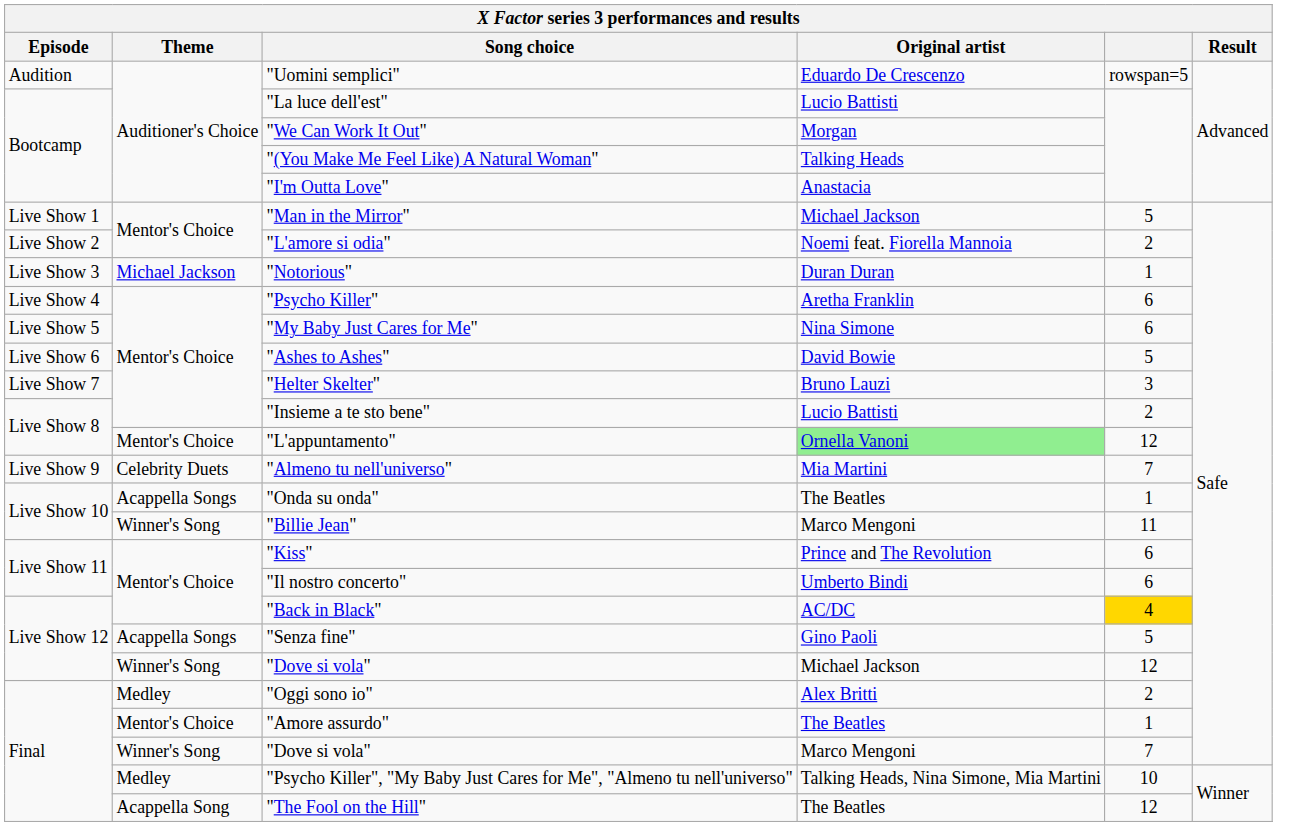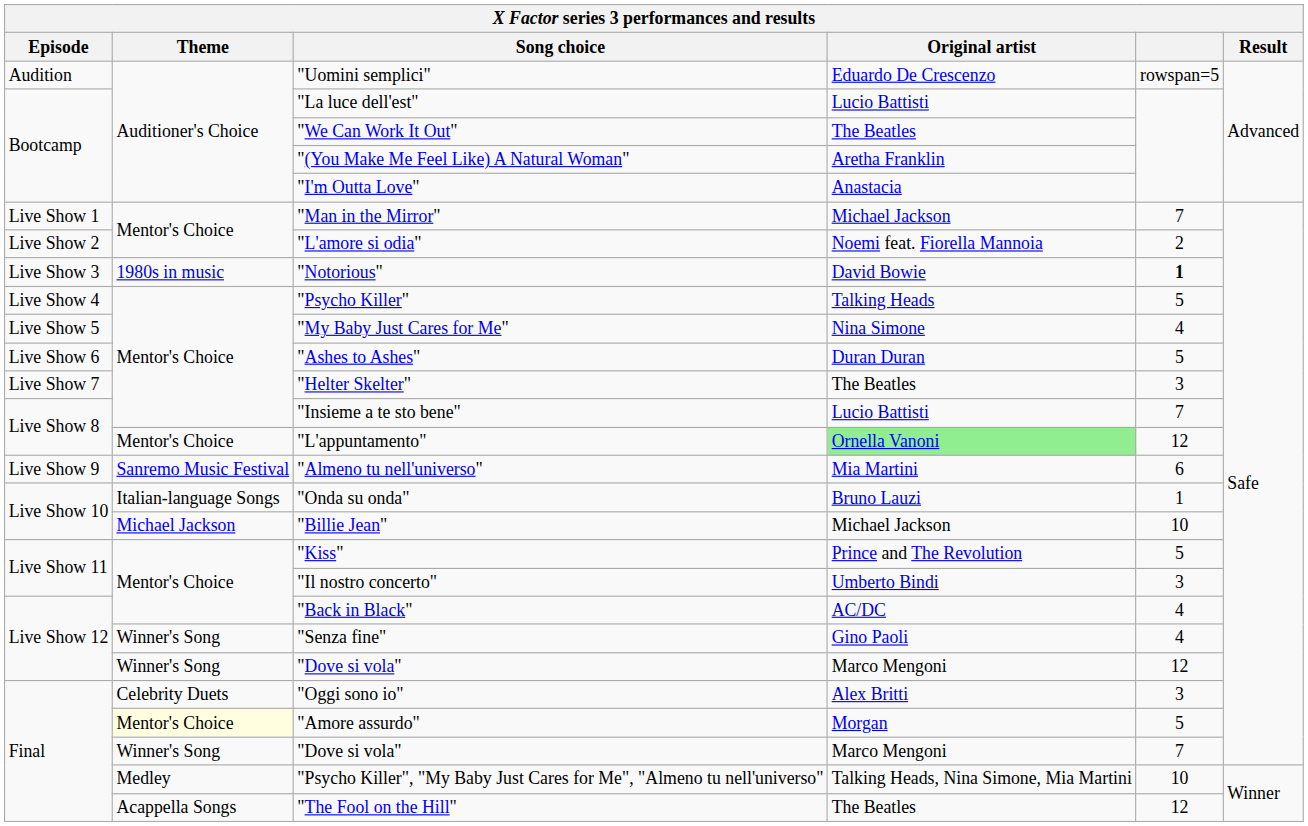 <table class="wikitable collapsible collapsed">
 <tr>
 <th colspan="6"><em>X Factor</em> series 3 performances and results</th>
 </tr>
 <tr>
 <th>Episode</th>
 <th>Theme</th>
 <th>Song choice</th>
 <th>Original artist</th>
 <th></th>
 <th>Result</th>
 </tr>
 <tr>
 <td rowspan=1>Audition</td>
 <td rowspan=5>Auditioner's Choice</td>
 <td>"Uomini semplici"</td>
 <td><a href='#'>Eduardo De Crescenzo</a></td>
 <td>rowspan=5 </td>
 <td rowspan=5>Advanced</td>
 </tr>
 <tr>
 <td rowspan=4>Bootcamp</td>
 <td>"La luce dell'est"</td>
 <td><a href='#'>Lucio Battisti</a></td>
 </tr>
 <tr>
 <td>"<a href='#'>We Can Work It Out</a>"</td>
-<td><a href='#'>Morgan</a></td>
+<td><a href='#'>The Beatles</a></td>
 </tr>
 <tr>
 <td>"<a href='#'>(You Make Me Feel Like) A Natural Woman</a>"</td>
-<td><a href='#'>Talking Heads</a></td>
+<td><a href='#'>Aretha Franklin</a></td>
 </tr>
 <tr>
 <td>"<a href='#'>I'm Outta Love</a>"</td>
 <td><a href='#'>Anastacia</a></td>
 </tr>
 <tr>
 <td>Live Show 1</td>
 <td rowspan=2>Mentor's Choice</td>
 <td>"<a href='#'>Man in the Mirror</a>"</td>
 <td><a href='#'>Michael Jackson</a></td>
-<td style="text-align:center;">5</td>
+<td style="text-align:center;">7</td>
 <td rowspan=20>Safe</td>
 </tr>
 <tr>
 <td>Live Show 2</td>
 <td>"<a href='#'>L'amore si odia</a>"</td>
 <td><a href='#'>Noemi</a> feat. <a href='#'>Fiorella Mannoia</a></td>
 <td style="text-align:center;">2</td>
 </tr>
 <tr>
 <td>Live Show 3</td>
-<td><a href='#'>Michael Jackson</a></td>
+<td><a href='#'>1980s in music</a></td>
 <td>"<a href='#'>Notorious</a>"</td>
-<td><a href='#'>Duran Duran</a></td>
-<td style="text-align:center;">1</td>
+<td><a href='#'>David Bowie</a></td>
+<td style="text-align:center;"><strong>1</strong></td>
 </tr>
 <tr>
 <td>Live Show 4</td>
 <td rowspan=5>Mentor's Choice</td>
 <td>"<a href='#'>Psycho Killer</a>"</td>
-<td><a href='#'>Aretha Franklin</a></td>
-<td style="text-align:center;">6</td>
+<td><a href='#'>Talking Heads</a></td>
+<td style="text-align:center;">5</td>
 </tr>
 <tr>
 <td>Live Show 5</td>
 <td>"<a href='#'>My Baby Just Cares for Me</a>"</td>
 <td><a href='#'>Nina Simone</a></td>
-<td style="text-align:center;">6</td>
+<td style="text-align:center;">4</td>
 </tr>
 <tr>
 <td>Live Show 6</td>
 <td>"<a href='#'>Ashes to Ashes</a>"</td>
-<td><a href='#'>David Bowie</a></td>
+<td><a href='#'>Duran Duran</a></td>
 <td style="text-align:center;">5</td>
 </tr>
 <tr>
 <td>Live Show 7</td>
 <td>"<a href='#'>Helter Skelter</a>"</td>
-<td><a href='#'>Bruno Lauzi</a></td>
+<td>The Beatles</td>
 <td style="text-align:center;">3</td>
 </tr>
 <tr>
 <td rowspan=2>Live Show 8</td>
 <td>"Insieme a te sto bene"</td>
 <td><a href='#'>Lucio Battisti</a></td>
-<td style="text-align:center;">2</td>
+<td style="text-align:center;">7</td>
 </tr>
 <tr>
 <td>Mentor's Choice</td>
 <td>"L'appuntamento"</td>
 <td style="background: lightgreen;"><a href='#'>Ornella Vanoni</a></td>
 <td style="text-align:center;">12</td>
 </tr>
 <tr>
 <td>Live Show 9</td>
-<td>Celebrity Duets</td>
+<td><a href='#'>Sanremo Music Festival</a></td>
 <td>"<a href='#'>Almeno tu nell'universo</a>"</td>
 <td><a href='#'>Mia Martini</a></td>
-<td style="text-align:center;">7</td>
+<td style="text-align:center;">6</td>
 </tr>
 <tr>
 <td rowspan=2>Live Show 10</td>
-<td>Acappella Songs</td>
+<td>Italian-language Songs</td>
 <td>"Onda su onda"</td>
-<td>The Beatles</td>
+<td><a href='#'>Bruno Lauzi</a></td>
 <td style="text-align:center;">1</td>
 </tr>
 <tr>
-<td>Winner's Song</td>
+<td><a href='#'>Michael Jackson</a></td>
 <td>"<a href='#'>Billie Jean</a>"</td>
-<td>Marco Mengoni</td>
-<td style="text-align:center;">11</td>
+<td>Michael Jackson</td>
+<td style="text-align:center;">10</td>
 </tr>
 <tr>
 <td rowspan=2>Live Show 11</td>
 <td rowspan=3>Mentor's Choice</td>
 <td>"<a href='#'>Kiss</a>"</td>
 <td><a href='#'>Prince</a> and <a href='#'>The Revolution</a></td>
-<td style="text-align:center;">6</td>
+<td style="text-align:center;">5</td>
 </tr>
 <tr>
 <td>"Il nostro concerto"</td>
 <td><a href='#'>Umberto Bindi</a></td>
-<td style="text-align:center;">6</td>
+<td style="text-align:center;">3</td>
 </tr>
 <tr>
 <td rowspan=3>Live Show 12</td>
 <td>"<a href='#'>Back in Black</a>"</td>
 <td><a href='#'>AC/DC</a></td>
-<td style="background: gold; text-align:center;">4</td>
+<td style="text-align:center;">4</td>
 </tr>
 <tr>
-<td>Acappella Songs</td>
+<td>Winner's Song</td>
 <td>"Senza fine"</td>
 <td><a href='#'>Gino Paoli</a></td>
-<td style="text-align:center;">5</td>
+<td style="text-align:center;">4</td>
 </tr>
 <tr>
 <td>Winner's Song</td>
 <td>"<a href='#'>Dove si vola</a>"</td>
-<td>Michael Jackson</td>
+<td>Marco Mengoni</td>
 <td style="text-align:center;">12</td>
 </tr>
 <tr>
 <td rowspan=5>Final</td>
-<td>Medley</td>
+<td>Celebrity Duets</td>
 <td>"Oggi sono io" </td>
 <td><a href='#'>Alex Britti</a></td>
-<td style="text-align:center;">2</td>
+<td style="text-align:center;">3</td>
 </tr>
 <tr>
-<td>Mentor's Choice</td>
+<td style="background: lightyellow;">Mentor's Choice</td>
 <td>"Amore assurdo"</td>
-<td><a href='#'>The Beatles</a></td>
-<td style="text-align:center;">1</td>
+<td><a href='#'>Morgan</a></td>
+<td style="text-align:center;">5</td>
 </tr>
 <tr>
 <td>Winner's Song</td>
 <td>"Dove si vola"</td>
 <td>Marco Mengoni</td>
 <td style="text-align:center;">7</td>
 </tr>
 <tr>
 <td>Medley</td>
 <td>"Psycho Killer", "My Baby Just Cares for Me", "Almeno tu nell'universo"</td>
 <td>Talking Heads, Nina Simone, Mia Martini</td>
 <td style="text-align:center;">10</td>
 <td rowspan=2>Winner</td>
 </tr>
 <tr>
-<td>Acappella Song</td>
+<td>Acappella Songs</td>
 <td>"<a href='#'>The Fool on the Hill</a>"</td>
 <td>The Beatles</td>
 <td style="text-align:center;">12</td>
 </tr>
 <tr>
 </tr>
 </table>
